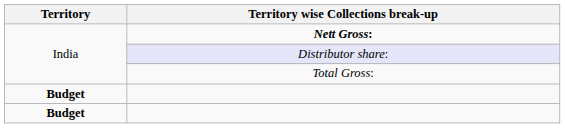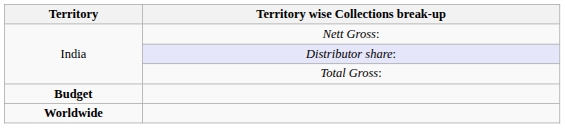 <table class="wikitable"  style="float:centre; width:45%; text-align:center;">
 <tr>
 <th>Territory</th>
 <th>Territory wise Collections break-up</th>
 </tr>
 <tr>
 <td rowspan="3">India</td>
-<td><strong><em>Nett Gross</em>:<br></strong></td>
+<td><em>Nett Gross</em>:<br></td>
 </tr>
 <tr>
 <td style="background: lavender;"><em>Distributor share</em>:<br></td>
 </tr>
 <tr>
 <td><em>Total Gross</em>:<br></td>
 </tr>
 <tr>
 <td><strong>Budget</strong></td>
 <td></td>
 </tr>
 <tr>
-<td><strong>Budget</strong></td>
+<td><strong>Worldwide</strong></td>
 <td></td>
 </tr>
 </table>
